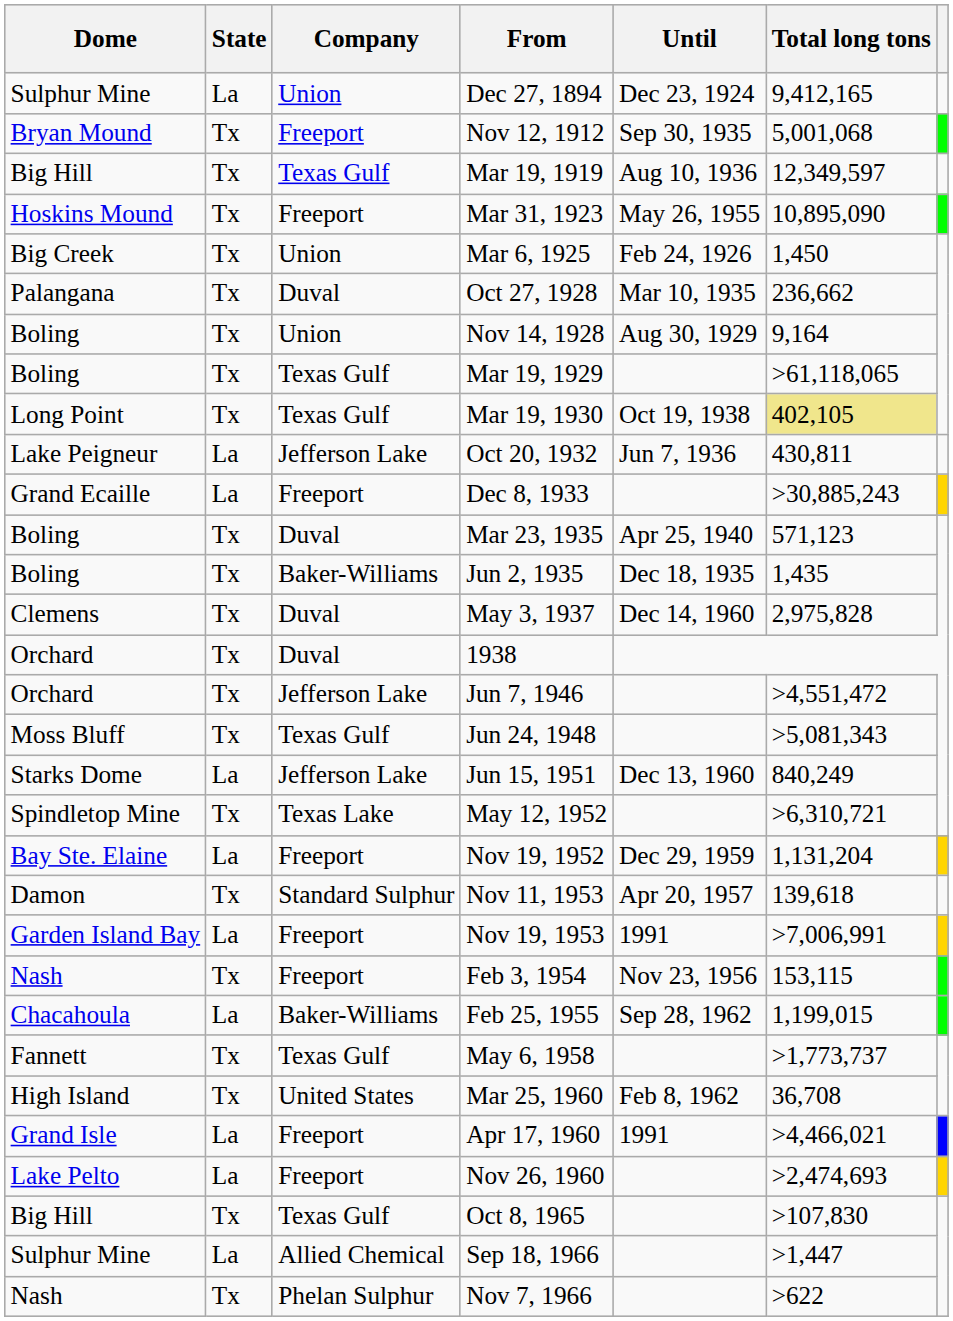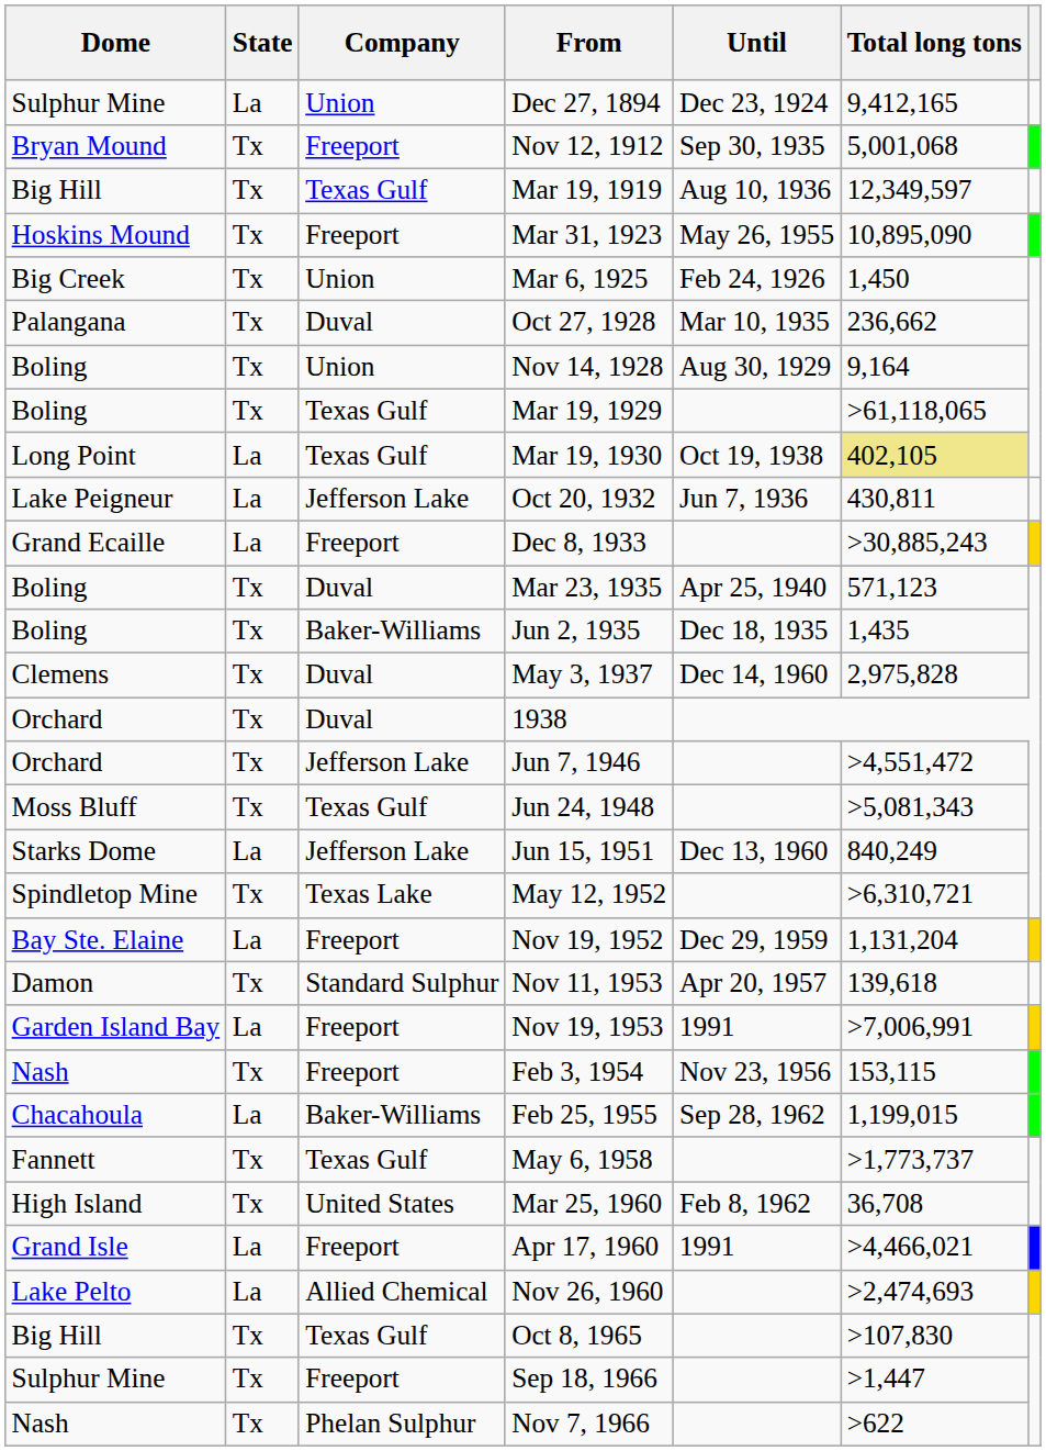 <table class="wikitable col4right col5right col6right">
 <tr>
 <th>Dome</th>
 <th>State</th>
 <th>Company</th>
 <th>From</th>
 <th>Until</th>
 <th>Total long tons</th>
 <th><br><br></th>
 </tr>
 <tr>
 <td>Sulphur Mine</td>
 <td>La</td>
 <td><a href='#'>Union</a></td>
 <td>Dec 27, 1894</td>
 <td>Dec 23, 1924</td>
 <td>9,412,165</td>
 </tr>
 <tr>
 <td><a href='#'>Bryan Mound</a></td>
 <td>Tx</td>
 <td><a href='#'>Freeport</a></td>
 <td>Nov 12, 1912</td>
 <td>Sep 30, 1935</td>
 <td>5,001,068</td>
 <td style="background: #00ff00"></td>
 </tr>
 <tr>
 <td>Big Hill</td>
 <td>Tx</td>
 <td><a href='#'>Texas Gulf</a></td>
 <td>Mar 19, 1919</td>
 <td>Aug 10, 1936</td>
 <td>12,349,597</td>
 </tr>
 <tr>
 <td><a href='#'>Hoskins Mound</a></td>
 <td>Tx</td>
 <td>Freeport</td>
 <td>Mar 31, 1923</td>
 <td>May 26, 1955</td>
 <td>10,895,090</td>
 <td style="background: #00ff00"></td>
 </tr>
 <tr>
 <td>Big Creek</td>
 <td>Tx</td>
 <td>Union</td>
 <td>Mar 6, 1925</td>
 <td>Feb 24, 1926</td>
 <td>1,450</td>
 </tr>
 <tr>
 <td>Palangana</td>
 <td>Tx</td>
 <td>Duval</td>
 <td>Oct 27, 1928</td>
 <td>Mar 10, 1935</td>
 <td>236,662</td>
 </tr>
 <tr>
 <td>Boling</td>
 <td>Tx</td>
 <td>Union</td>
 <td>Nov 14, 1928</td>
 <td>Aug 30, 1929</td>
 <td>9,164</td>
 </tr>
 <tr>
 <td>Boling</td>
 <td>Tx</td>
 <td>Texas Gulf</td>
 <td>Mar 19, 1929</td>
 <td></td>
 <td>>61,118,065</td>
 </tr>
 <tr>
 <td>Long Point</td>
-<td>Tx</td>
+<td>La</td>
 <td>Texas Gulf</td>
 <td>Mar 19, 1930</td>
 <td>Oct 19, 1938</td>
 <td style="background: khaki;">402,105</td>
 </tr>
 <tr>
 <td>Lake Peigneur</td>
 <td>La</td>
 <td>Jefferson Lake</td>
 <td>Oct 20, 1932</td>
 <td>Jun 7, 1936</td>
 <td>430,811</td>
 <td></td>
 </tr>
 <tr>
 <td>Grand Ecaille</td>
 <td>La</td>
 <td>Freeport</td>
 <td>Dec 8, 1933</td>
 <td></td>
 <td>>30,885,243</td>
 <td style="background: #ffd500"></td>
 </tr>
 <tr>
 <td>Boling</td>
 <td>Tx</td>
 <td>Duval</td>
 <td>Mar 23, 1935</td>
 <td>Apr 25, 1940</td>
 <td>571,123</td>
 </tr>
 <tr>
 <td>Boling</td>
 <td>Tx</td>
 <td>Baker-Williams</td>
 <td>Jun 2, 1935</td>
 <td>Dec 18, 1935</td>
 <td>1,435</td>
 </tr>
 <tr>
 <td>Clemens</td>
 <td>Tx</td>
 <td>Duval</td>
 <td>May 3, 1937</td>
 <td>Dec 14, 1960</td>
 <td>2,975,828</td>
 </tr>
 <tr>
 <td>Orchard</td>
 <td>Tx</td>
 <td>Duval</td>
 <td>1938</td>
 </tr>
 <tr>
 <td>Orchard</td>
 <td>Tx</td>
 <td>Jefferson Lake</td>
 <td>Jun 7, 1946</td>
 <td></td>
 <td>>4,551,472</td>
 </tr>
 <tr>
 <td>Moss Bluff</td>
 <td>Tx</td>
 <td>Texas Gulf</td>
 <td>Jun 24, 1948</td>
 <td></td>
 <td>>5,081,343</td>
 </tr>
 <tr>
 <td>Starks Dome</td>
 <td>La</td>
 <td>Jefferson Lake</td>
 <td>Jun 15, 1951</td>
 <td>Dec 13, 1960</td>
 <td>840,249</td>
 </tr>
 <tr>
 <td>Spindletop Mine</td>
 <td>Tx</td>
 <td>Texas Lake</td>
 <td>May 12, 1952</td>
 <td></td>
 <td>>6,310,721</td>
 </tr>
 <tr>
 <td><a href='#'>Bay Ste. Elaine</a></td>
 <td>La</td>
 <td>Freeport</td>
 <td>Nov 19, 1952</td>
 <td>Dec 29, 1959</td>
 <td>1,131,204</td>
 <td style="background: #ffd500"></td>
 </tr>
 <tr>
 <td>Damon</td>
 <td>Tx</td>
 <td>Standard Sulphur</td>
 <td>Nov 11, 1953</td>
 <td>Apr 20, 1957</td>
 <td>139,618</td>
 </tr>
 <tr>
 <td><a href='#'>Garden Island Bay</a></td>
 <td>La</td>
 <td>Freeport</td>
 <td>Nov 19, 1953</td>
 <td>1991</td>
 <td>>7,006,991</td>
 <td style="background: #ffd500"></td>
 </tr>
 <tr>
 <td><a href='#'>Nash</a></td>
 <td>Tx</td>
 <td>Freeport</td>
 <td>Feb 3, 1954</td>
 <td>Nov 23, 1956</td>
 <td>153,115</td>
 <td style="background: #00ff00"></td>
 </tr>
 <tr>
 <td><a href='#'>Chacahoula</a></td>
 <td>La</td>
 <td>Baker-Williams</td>
 <td>Feb 25, 1955</td>
 <td>Sep 28, 1962</td>
 <td>1,199,015</td>
 <td style="background: #00ff00"></td>
 </tr>
 <tr>
 <td>Fannett</td>
 <td>Tx</td>
 <td>Texas Gulf</td>
 <td>May 6, 1958</td>
 <td></td>
 <td>>1,773,737</td>
 </tr>
 <tr>
 <td>High Island</td>
 <td>Tx</td>
 <td>United States</td>
 <td>Mar 25, 1960</td>
 <td>Feb 8, 1962</td>
 <td>36,708</td>
 </tr>
 <tr>
 <td><a href='#'>Grand Isle</a></td>
 <td>La</td>
 <td>Freeport</td>
 <td>Apr 17, 1960</td>
 <td>1991</td>
 <td>>4,466,021</td>
 <td style="background: #0000ff"></td>
 </tr>
 <tr>
 <td><a href='#'>Lake Pelto</a></td>
 <td>La</td>
-<td>Freeport</td>
+<td>Allied Chemical</td>
 <td>Nov 26, 1960</td>
 <td></td>
 <td>>2,474,693</td>
 <td style="background: #ffd500"></td>
 </tr>
 <tr>
 <td>Big Hill</td>
 <td>Tx</td>
 <td>Texas Gulf</td>
 <td>Oct 8, 1965</td>
 <td></td>
 <td>>107,830</td>
 </tr>
 <tr>
 <td>Sulphur Mine</td>
-<td>La</td>
-<td>Allied Chemical</td>
+<td>Tx</td>
+<td>Freeport</td>
 <td>Sep 18, 1966</td>
 <td></td>
 <td>>1,447</td>
 </tr>
 <tr>
 <td>Nash</td>
 <td>Tx</td>
 <td>Phelan Sulphur</td>
 <td>Nov 7, 1966</td>
 <td></td>
 <td>>622</td>
 </tr>
 </table>
